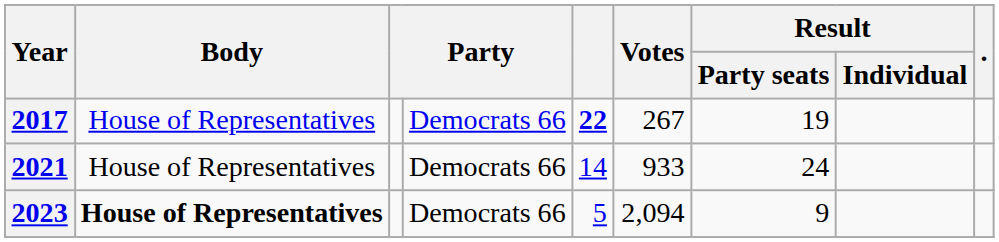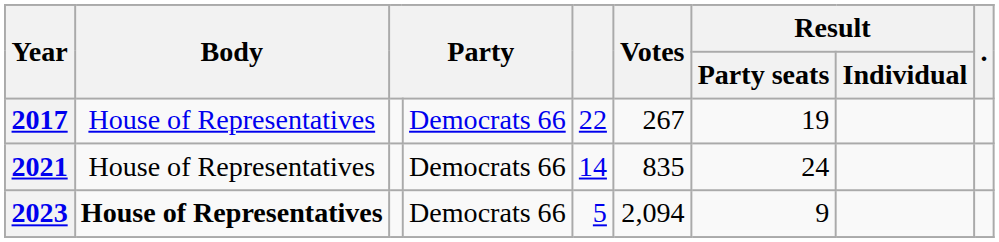 <table class="wikitable plainrowheaders sortable" border=2 cellpadding=4 cellspacing=0 style="border: 1px #aaa solid; font-size: 90%; text-align:center;">
 <tr>
 <th scope="col" rowspan=2>Year</th>
 <th scope="col" rowspan=2>Body</th>
 <th scope="col" colspan=2 rowspan=2>Party</th>
 <th scope="col" rowspan=2></th>
 <th scope="col" rowspan=2>Votes</th>
 <th scope="colgroup" colspan=2>Result</th>
 <th scope="col" rowspan=2 class="unsortable">.</th>
 </tr>
 <tr>
 <th scope="col">Party seats</th>
 <th scope="col">Individual</th>
 </tr>
 <tr>
 <th scope="row"><a href='#'>2017</a></th>
 <td><a href='#'>House of Representatives</a></td>
 <td style="background-color:"></td>
 <td><a href='#'>Democrats 66</a></td>
-<td style=text-align:right><strong><a href='#'>22</a></strong></td>
+<td style=text-align:right><a href='#'>22</a></td>
 <td style=text-align:right>267</td>
 <td style=text-align:right>19</td>
 <td></td>
 <td></td>
 </tr>
 <tr>
 <th scope="row"><a href='#'>2021</a></th>
 <td>House of Representatives</td>
 <td style="background-color:"></td>
 <td>Democrats 66</td>
 <td style=text-align:right><a href='#'>14</a></td>
-<td style=text-align:right>933</td>
+<td style=text-align:right>835</td>
 <td style=text-align:right>24</td>
 <td></td>
 <td></td>
 </tr>
 <tr>
 <th scope="row"><a href='#'>2023</a></th>
 <td><strong>House of Representatives</strong></td>
 <td style="background-color:"></td>
 <td>Democrats 66</td>
 <td style=text-align:right><a href='#'>5</a></td>
 <td style=text-align:right>2,094</td>
 <td style=text-align:right>9</td>
 <td></td>
 <td></td>
 </tr>
 </table>
